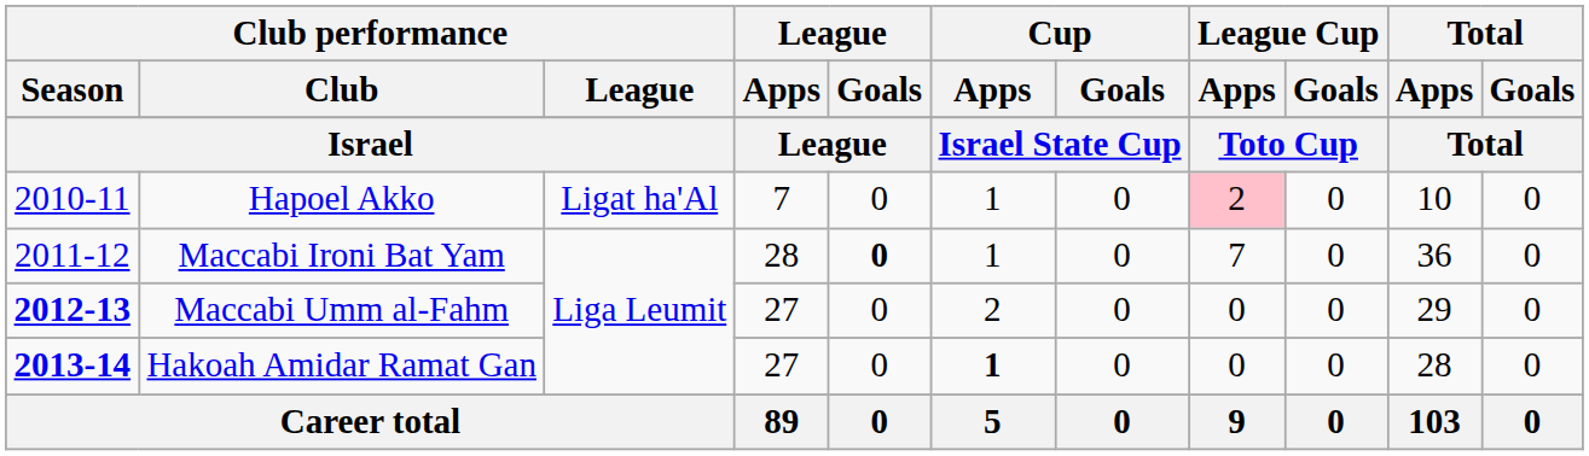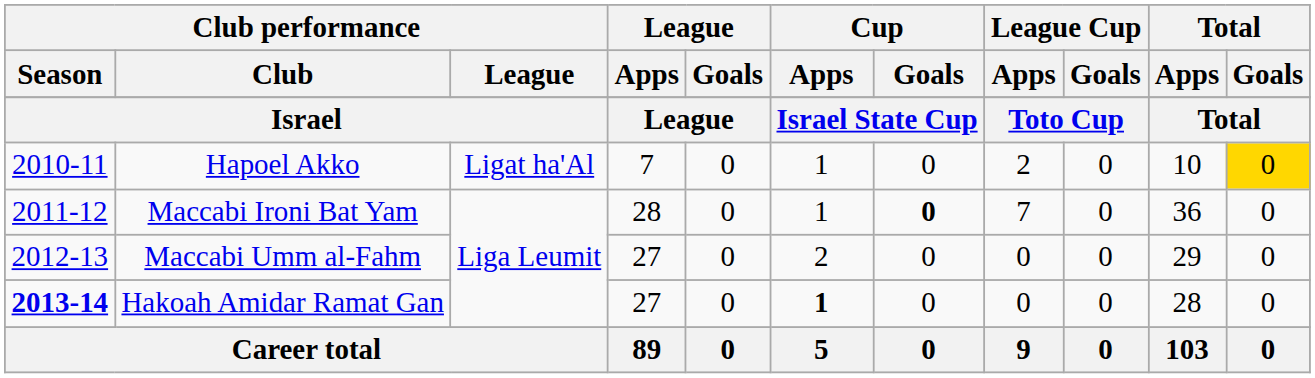 <table class="wikitable" style="text-align:center">
 <tr>
 <th colspan=3>Club performance</th>
 <th colspan=2>League</th>
 <th colspan=2>Cup</th>
 <th colspan=2>League Cup</th>
 <th colspan=2>Total</th>
 </tr>
 <tr>
 <th>Season</th>
 <th>Club</th>
 <th>League</th>
 <th>Apps</th>
 <th>Goals</th>
 <th>Apps</th>
 <th>Goals</th>
 <th>Apps</th>
 <th>Goals</th>
 <th>Apps</th>
 <th>Goals</th>
 </tr>
 <tr>
 </tr>
 <tr>
 <th colspan=3>Israel</th>
 <th colspan=2>League</th>
 <th colspan=2><a href='#'>Israel State Cup</a></th>
 <th colspan=2><a href='#'>Toto Cup</a></th>
 <th colspan=2>Total</th>
 </tr>
 <tr>
 <td><a href='#'>2010-11</a></td>
 <td><a href='#'>Hapoel Akko</a></td>
 <td><a href='#'>Ligat ha'Al</a></td>
 <td>7</td>
 <td>0</td>
 <td>1</td>
 <td>0</td>
-<td style="background: pink;">2</td>
+<td>2</td>
 <td>0</td>
 <td>10</td>
-<td>0</td>
+<td style="background: gold;">0</td>
 </tr>
 <tr>
 <td><a href='#'>2011-12</a></td>
 <td><a href='#'>Maccabi Ironi Bat Yam</a></td>
 <td rowspan="3"><a href='#'>Liga Leumit</a></td>
 <td>28</td>
+<td>0</td>
+<td>1</td>
 <td><strong>0</strong></td>
-<td>1</td>
-<td>0</td>
 <td>7</td>
 <td>0</td>
 <td>36</td>
 <td>0</td>
 </tr>
 <tr>
-<td><strong><a href='#'>2012-13</a></strong></td>
+<td><a href='#'>2012-13</a></td>
 <td><a href='#'>Maccabi Umm al-Fahm</a></td>
 <td>27</td>
 <td>0</td>
 <td>2</td>
 <td>0</td>
 <td>0</td>
 <td>0</td>
 <td>29</td>
 <td>0</td>
 </tr>
 <tr>
 <td><strong><a href='#'>2013-14</a></strong></td>
 <td><a href='#'>Hakoah Amidar Ramat Gan</a></td>
 <td>27</td>
 <td>0</td>
 <td><strong>1</strong></td>
 <td>0</td>
 <td>0</td>
 <td>0</td>
 <td>28</td>
 <td>0</td>
 </tr>
 <tr>
 <th colspan=3>Career total</th>
 <th>89</th>
 <th>0</th>
 <th>5</th>
 <th>0</th>
 <th>9</th>
 <th>0</th>
 <th>103</th>
 <th>0</th>
 </tr>
 </table>
